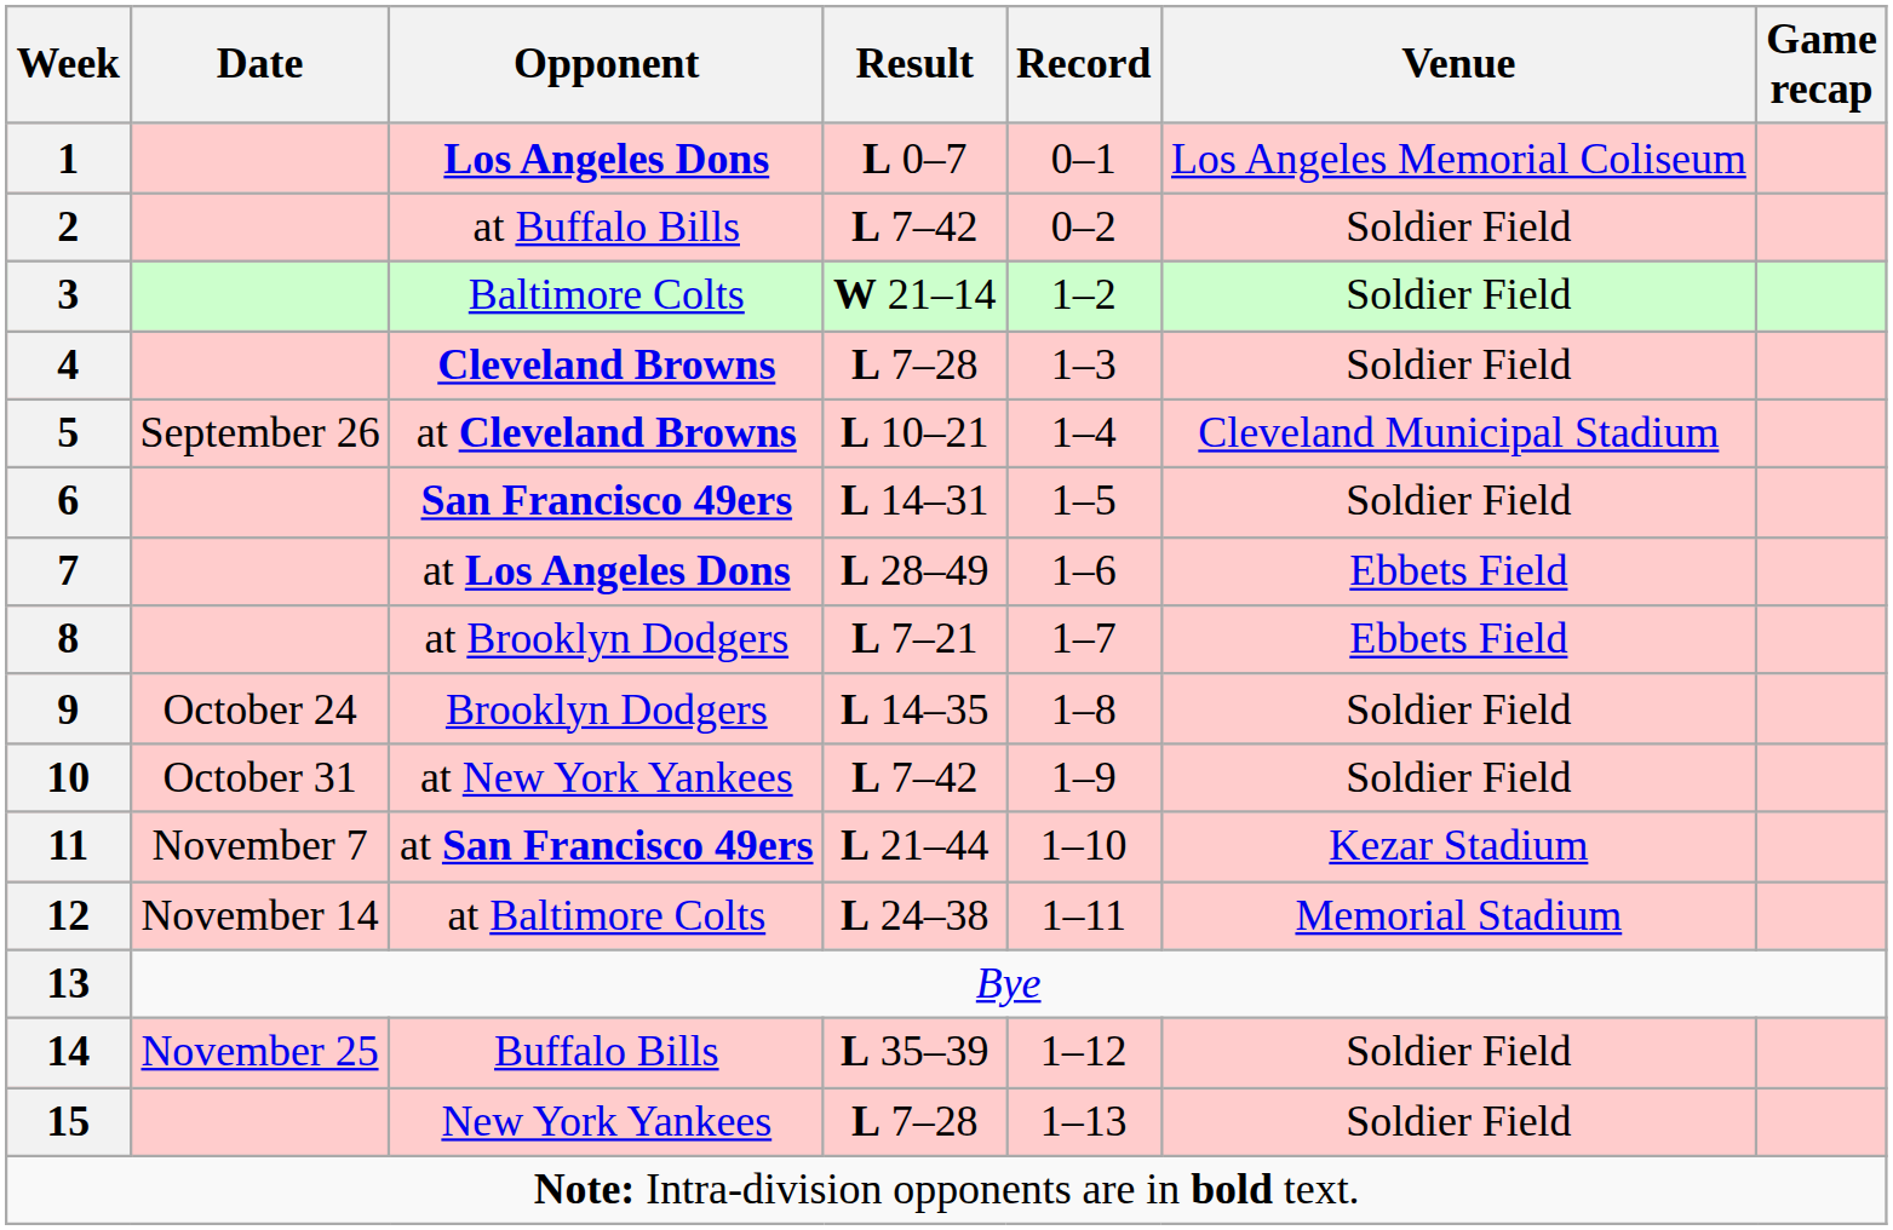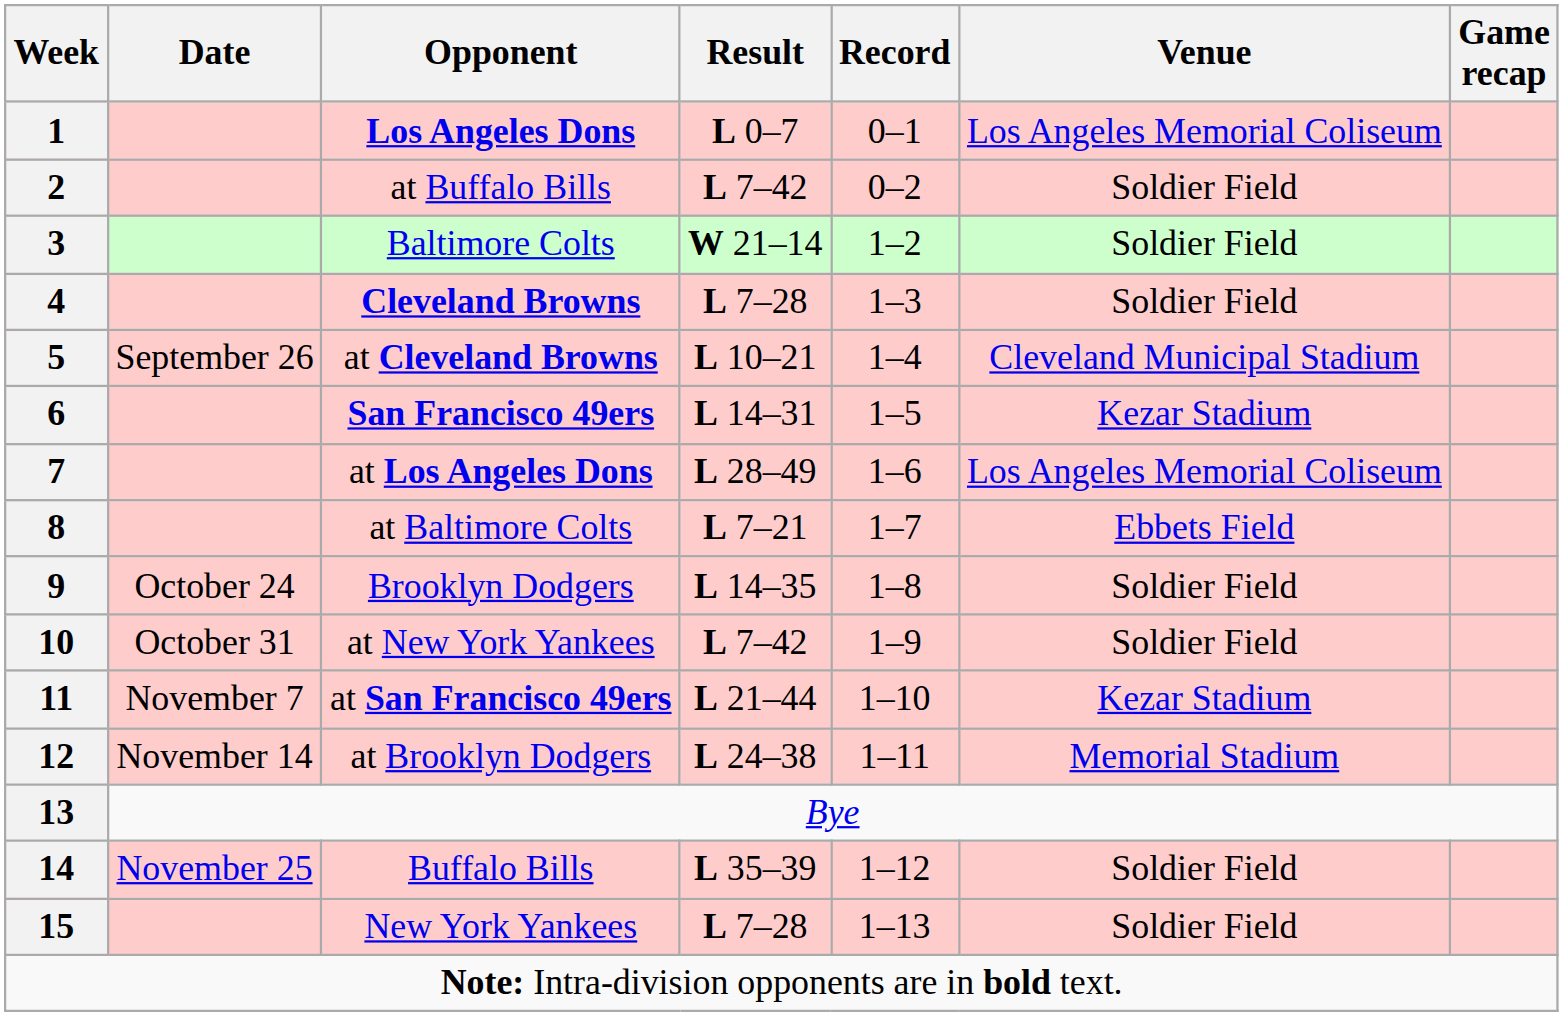 <table class="wikitable" style="text-align:center">
 <tr>
 <th>Week</th>
 <th>Date</th>
 <th>Opponent</th>
 <th>Result</th>
 <th>Record</th>
 <th>Venue</th>
 <th>Game<br>recap</th>
 </tr>
 <tr style="background:#fcc">
 <th>1</th>
 <td></td>
 <td><strong><a href='#'>Los Angeles Dons</a></strong></td>
 <td><strong>L</strong> 0–7</td>
 <td>0–1</td>
 <td><a href='#'>Los Angeles Memorial Coliseum</a></td>
 <td></td>
 </tr>
 <tr style="background:#fcc">
 <th>2</th>
 <td></td>
 <td>at <a href='#'>Buffalo Bills</a></td>
 <td><strong>L</strong> 7–42</td>
 <td>0–2</td>
 <td>Soldier Field</td>
 <td></td>
 </tr>
 <tr style="background:#cfc">
 <th>3</th>
 <td></td>
 <td><a href='#'>Baltimore Colts</a></td>
 <td><strong>W</strong> 21–14</td>
 <td>1–2</td>
 <td>Soldier Field</td>
 <td></td>
 </tr>
 <tr style="background: #fcc;">
 <th>4</th>
 <td></td>
 <td><strong><a href='#'>Cleveland Browns</a></strong></td>
 <td><strong>L</strong> 7–28</td>
 <td>1–3</td>
 <td>Soldier Field</td>
 <td></td>
 </tr>
 <tr style="background: #fcc;">
 <th>5</th>
 <td>September 26</td>
 <td>at <strong><a href='#'>Cleveland Browns</a></strong></td>
 <td><strong>L</strong> 10–21</td>
 <td>1–4</td>
 <td><a href='#'>Cleveland Municipal Stadium</a></td>
 <td></td>
 </tr>
 <tr style="background: #fcc;">
 <th>6</th>
 <td></td>
 <td><strong><a href='#'>San Francisco 49ers</a></strong></td>
 <td><strong>L</strong> 14–31</td>
 <td>1–5</td>
-<td>Soldier Field</td>
+<td><a href='#'>Kezar Stadium</a></td>
 <td></td>
 </tr>
 <tr style="background: #fcc;">
 <th>7</th>
 <td></td>
 <td>at <strong><a href='#'>Los Angeles Dons</a></strong></td>
 <td><strong>L</strong> 28–49</td>
 <td>1–6</td>
-<td><a href='#'>Ebbets Field</a></td>
+<td><a href='#'>Los Angeles Memorial Coliseum</a></td>
 <td></td>
 </tr>
 <tr style="background: #fcc;">
 <th>8</th>
 <td></td>
-<td>at <a href='#'>Brooklyn Dodgers</a></td>
+<td>at <a href='#'>Baltimore Colts</a></td>
 <td><strong>L</strong> 7–21</td>
 <td>1–7</td>
 <td><a href='#'>Ebbets Field</a></td>
 <td></td>
 </tr>
 <tr style="background: #fcc;">
 <th>9</th>
 <td>October 24</td>
 <td><a href='#'>Brooklyn Dodgers</a></td>
 <td><strong>L</strong> 14–35</td>
 <td>1–8</td>
 <td>Soldier Field</td>
 <td></td>
 </tr>
 <tr style="background: #fcc;">
 <th>10</th>
 <td>October 31</td>
 <td>at <a href='#'>New York Yankees</a></td>
 <td><strong>L</strong> 7–42</td>
 <td>1–9</td>
 <td>Soldier Field</td>
 <td></td>
 </tr>
 <tr style="background: #fcc;">
 <th>11</th>
 <td>November 7</td>
 <td>at <strong><a href='#'>San Francisco 49ers</a></strong></td>
 <td><strong>L</strong> 21–44</td>
 <td>1–10</td>
 <td><a href='#'>Kezar Stadium</a></td>
 <td></td>
 </tr>
 <tr style="background: #fcc;">
 <th>12</th>
 <td>November 14</td>
-<td>at <a href='#'>Baltimore Colts</a></td>
+<td>at <a href='#'>Brooklyn Dodgers</a></td>
 <td><strong>L</strong> 24–38</td>
 <td>1–11</td>
 <td><a href='#'>Memorial Stadium</a></td>
 <td></td>
 </tr>
 <tr>
 <th>13</th>
 <td colspan="6"><em><a href='#'>Bye</a></em></td>
 </tr>
 <tr style="background: #fcc;">
 <th>14</th>
 <td><a href='#'>November 25</a></td>
 <td><a href='#'>Buffalo Bills</a></td>
 <td><strong>L</strong> 35–39</td>
 <td>1–12</td>
 <td>Soldier Field</td>
 <td></td>
 </tr>
 <tr style="background: #fcc;">
 <th>15</th>
 <td></td>
 <td><a href='#'>New York Yankees</a></td>
 <td><strong>L</strong> 7–28</td>
 <td>1–13</td>
 <td>Soldier Field</td>
 <td></td>
 </tr>
 <tr>
 <td colspan="8"><strong>Note:</strong> Intra-division opponents are in <strong>bold</strong> text.</td>
 </tr>
 </table>
